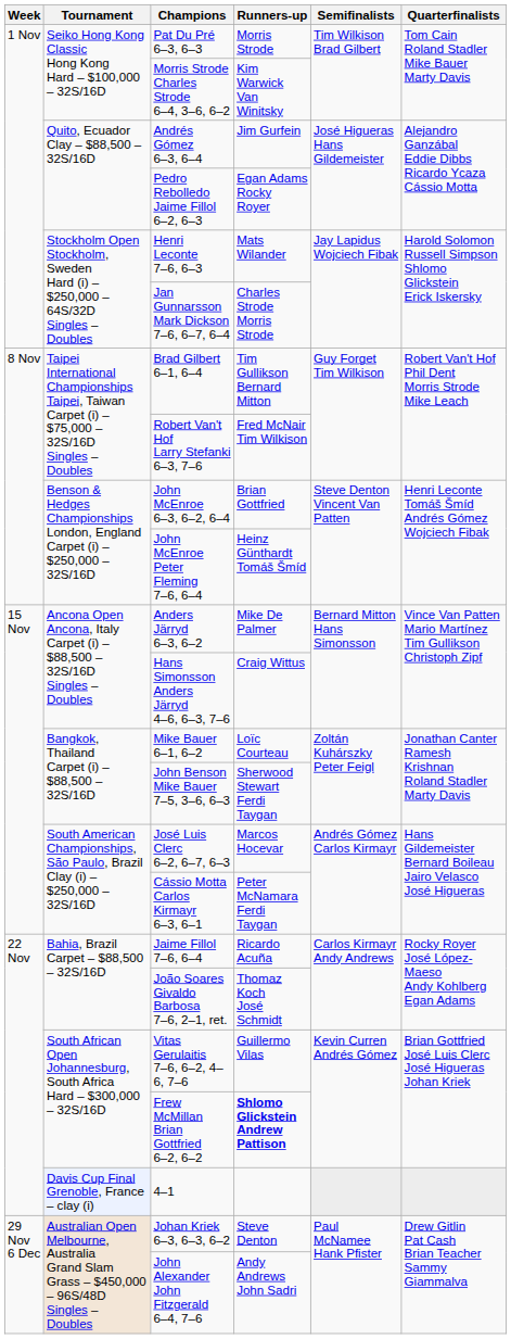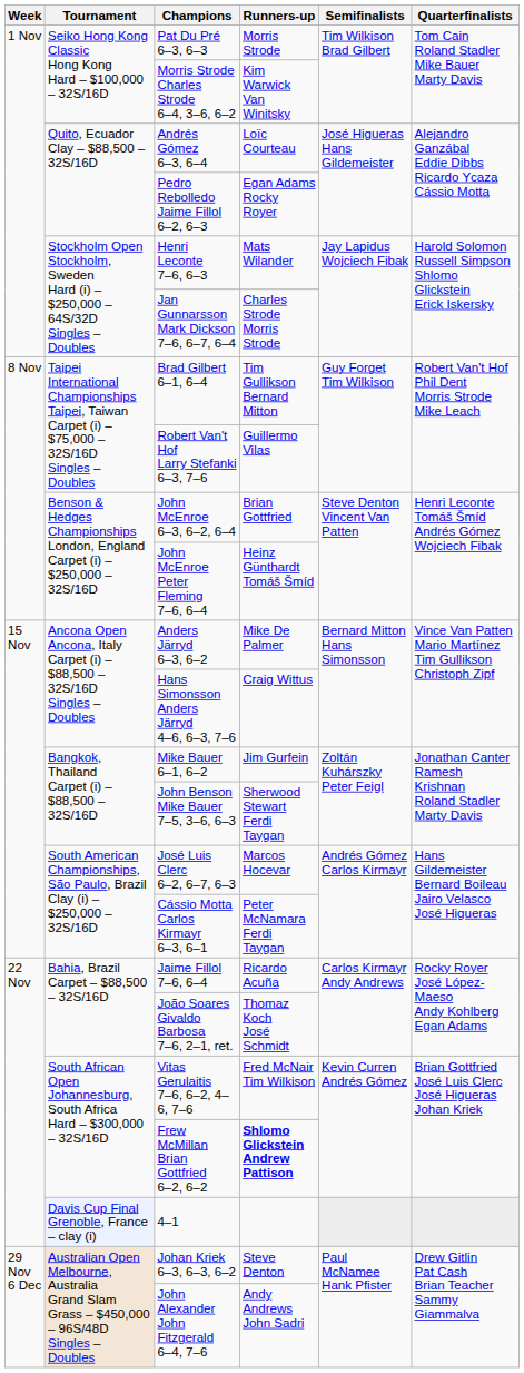 <table class=wikitable style=font-size:95%>
 <tr>
 <th style="width:48px;">Week</th>
 <th style="width:250px;">Tournament</th>
 <th style="width:200px;">Champions</th>
 <th style="width:200px;">Runners-up</th>
 <th style="width:190px;">Semifinalists</th>
 <th style="width:190px;">Quarterfinalists</th>
 </tr>
 <tr valign=top>
 <td rowspan=6>1 Nov</td>
 <td rowspan=2><a href='#'>Seiko Hong Kong Classic</a> <br> Hong Kong <br> Hard – $100,000 – 32S/16D</td>
 <td> <a href='#'>Pat Du Pré</a> <br> 6–3, 6–3</td>
 <td> <a href='#'>Morris Strode</a></td>
 <td rowspan=2> <a href='#'>Tim Wilkison</a> <br>  <a href='#'>Brad Gilbert</a></td>
 <td rowspan=2> <a href='#'>Tom Cain</a> <br>  <a href='#'>Roland Stadler</a> <br>  <a href='#'>Mike Bauer</a> <br>  <a href='#'>Marty Davis</a></td>
 </tr>
 <tr valign=top>
 <td> <a href='#'>Morris Strode</a> <br>  <a href='#'>Charles Strode</a> <br> 6–4, 3–6, 6–2</td>
 <td> <a href='#'>Kim Warwick</a> <br>  <a href='#'>Van Winitsky</a></td>
 </tr>
 <tr valign=top>
 <td rowspan=2><a href='#'>Quito</a>, Ecuador <br> Clay – $88,500 – 32S/16D</td>
 <td> <a href='#'>Andrés Gómez</a> <br> 6–3, 6–4</td>
-<td> <a href='#'>Jim Gurfein</a></td>
+<td> <a href='#'>Loïc Courteau</a></td>
 <td rowspan=2> <a href='#'>José Higueras</a> <br>  <a href='#'>Hans Gildemeister</a></td>
 <td rowspan=2> <a href='#'>Alejandro Ganzábal</a> <br>  <a href='#'>Eddie Dibbs</a> <br>  <a href='#'>Ricardo Ycaza</a> <br>  <a href='#'>Cássio Motta</a></td>
 </tr>
 <tr valign=top>
 <td> <a href='#'>Pedro Rebolledo</a> <br>  <a href='#'>Jaime Fillol</a> <br> 6–2, 6–3</td>
 <td> <a href='#'>Egan Adams</a> <br>  <a href='#'>Rocky Royer</a></td>
 </tr>
 <tr valign=top>
 <td rowspan="2"><a href='#'>Stockholm Open</a> <br> <a href='#'>Stockholm</a>, Sweden <br> Hard (i) – $250,000 – 64S/32D <br> <a href='#'>Singles</a> – <a href='#'>Doubles</a></td>
 <td> <a href='#'>Henri Leconte</a> <br> 7–6, 6–3</td>
 <td> <a href='#'>Mats Wilander</a></td>
 <td rowspan=2> <a href='#'>Jay Lapidus</a> <br>  <a href='#'>Wojciech Fibak</a></td>
 <td rowspan=2> <a href='#'>Harold Solomon</a> <br>  <a href='#'>Russell Simpson</a> <br>  <a href='#'>Shlomo Glickstein</a> <br>  <a href='#'>Erick Iskersky</a></td>
 </tr>
 <tr valign=top>
 <td> <a href='#'>Jan Gunnarsson</a> <br>  <a href='#'>Mark Dickson</a> <br> 7–6, 6–7, 6–4</td>
 <td> <a href='#'>Charles Strode</a> <br>  <a href='#'>Morris Strode</a></td>
 </tr>
 <tr valign=top>
 <td rowspan=4>8 Nov</td>
 <td rowspan=2><a href='#'>Taipei International Championships</a> <br> <a href='#'>Taipei</a>, Taiwan <br> Carpet (i) – $75,000 – 32S/16D <br> <a href='#'>Singles</a> – <a href='#'>Doubles</a></td>
 <td> <a href='#'>Brad Gilbert</a> <br> 6–1, 6–4</td>
 <td> <a href='#'>Tim Gullikson</a> <br>  <a href='#'>Bernard Mitton</a></td>
 <td rowspan=2> <a href='#'>Guy Forget</a> <br>  <a href='#'>Tim Wilkison</a></td>
 <td rowspan=2> <a href='#'>Robert Van't Hof</a> <br>  <a href='#'>Phil Dent</a> <br>  <a href='#'>Morris Strode</a> <br>  <a href='#'>Mike Leach</a></td>
 </tr>
 <tr valign=top>
 <td> <a href='#'>Robert Van't Hof</a> <br>  <a href='#'>Larry Stefanki</a> <br> 6–3, 7–6</td>
-<td> <a href='#'>Fred McNair</a> <br>  <a href='#'>Tim Wilkison</a></td>
+<td> <a href='#'>Guillermo Vilas</a></td>
 </tr>
 <tr valign=top>
 <td rowspan="2"><a href='#'>Benson & Hedges Championships</a> <br> London, England <br> Carpet (i) – $250,000 – 32S/16D</td>
 <td> <a href='#'>John McEnroe</a> <br> 6–3, 6–2, 6–4</td>
 <td> <a href='#'>Brian Gottfried</a></td>
 <td rowspan=2> <a href='#'>Steve Denton</a> <br>  <a href='#'>Vincent Van Patten</a></td>
 <td rowspan=2> <a href='#'>Henri Leconte</a> <br>  <a href='#'>Tomáš Šmíd</a> <br>  <a href='#'>Andrés Gómez</a> <br>  <a href='#'>Wojciech Fibak</a> <br></td>
 </tr>
 <tr valign=top>
 <td> <a href='#'>John McEnroe</a> <br>  <a href='#'>Peter Fleming</a> <br> 7–6, 6–4</td>
 <td> <a href='#'>Heinz Günthardt</a> <br>  <a href='#'>Tomáš Šmíd</a></td>
 </tr>
 <tr valign=top>
 <td rowspan=6>15 Nov</td>
 <td rowspan=2><a href='#'>Ancona Open</a> <br><a href='#'>Ancona</a>, Italy <br> Carpet (i) – $88,500 – 32S/16D <br> <a href='#'>Singles</a> – <a href='#'>Doubles</a></td>
 <td> <a href='#'>Anders Järryd</a> <br> 6–3, 6–2</td>
 <td> <a href='#'>Mike De Palmer</a></td>
 <td rowspan=2> <a href='#'>Bernard Mitton</a> <br>  <a href='#'>Hans Simonsson</a></td>
 <td rowspan=2> <a href='#'>Vince Van Patten</a> <br>  <a href='#'>Mario Martínez</a> <br>  <a href='#'>Tim Gullikson</a> <br>  <a href='#'>Christoph Zipf</a></td>
 </tr>
 <tr valign=top>
 <td> <a href='#'>Hans Simonsson</a> <br>  <a href='#'>Anders Järryd</a> <br> 4–6, 6–3, 7–6</td>
 <td> <a href='#'>Craig Wittus</a></td>
 </tr>
 <tr valign=top>
 <td rowspan=2><a href='#'>Bangkok</a>, Thailand <br> Carpet (i) – $88,500 – 32S/16D</td>
 <td> <a href='#'>Mike Bauer</a> <br> 6–1, 6–2</td>
-<td> <a href='#'>Loïc Courteau</a></td>
+<td> <a href='#'>Jim Gurfein</a></td>
 <td rowspan=2> <a href='#'>Zoltán Kuhárszky</a> <br>  <a href='#'>Peter Feigl</a></td>
 <td rowspan=2> <a href='#'>Jonathan Canter</a> <br>  <a href='#'>Ramesh Krishnan</a> <br>  <a href='#'>Roland Stadler</a> <br>  <a href='#'>Marty Davis</a></td>
 </tr>
 <tr valign=top>
 <td> <a href='#'>John Benson</a> <br>  <a href='#'>Mike Bauer</a> <br> 7–5, 3–6, 6–3</td>
 <td> <a href='#'>Sherwood Stewart</a> <br>  <a href='#'>Ferdi Taygan</a></td>
 </tr>
 <tr valign=top>
 <td rowspan="2"><a href='#'>South American Championships</a>, <a href='#'>São Paulo</a>, Brazil <br> Clay (i) – $250,000 – 32S/16D</td>
 <td> <a href='#'>José Luis Clerc</a> <br> 6–2, 6–7, 6–3</td>
 <td> <a href='#'>Marcos Hocevar</a></td>
 <td rowspan=2> <a href='#'>Andrés Gómez</a> <br>  <a href='#'>Carlos Kirmayr</a></td>
 <td rowspan=2> <a href='#'>Hans Gildemeister</a> <br>  <a href='#'>Bernard Boileau</a> <br>  <a href='#'>Jairo Velasco</a> <br>  <a href='#'>José Higueras</a></td>
 </tr>
 <tr valign=top>
 <td> <a href='#'>Cássio Motta</a> <br>  <a href='#'>Carlos Kirmayr</a> <br> 6–3, 6–1</td>
 <td> <a href='#'>Peter McNamara</a> <br>  <a href='#'>Ferdi Taygan</a></td>
 </tr>
 <tr valign=top>
 <td rowspan=5>22 Nov</td>
 <td rowspan=2><a href='#'>Bahia</a>, Brazil <br> Carpet – $88,500 – 32S/16D</td>
 <td> <a href='#'>Jaime Fillol</a> <br> 7–6, 6–4</td>
 <td> <a href='#'>Ricardo Acuña</a></td>
 <td rowspan=2> <a href='#'>Carlos Kirmayr</a> <br>  <a href='#'>Andy Andrews</a></td>
 <td rowspan=2> <a href='#'>Rocky Royer</a> <br>  <a href='#'>José López-Maeso</a> <br>  <a href='#'>Andy Kohlberg</a> <br>  <a href='#'>Egan Adams</a></td>
 </tr>
 <tr valign=top>
 <td> <a href='#'>João Soares</a> <br>  <a href='#'>Givaldo Barbosa</a> <br> 7–6, 2–1, ret.</td>
 <td> <a href='#'>Thomaz Koch</a> <br>  <a href='#'>José Schmidt</a></td>
 </tr>
 <tr valign=top>
 <td rowspan="2"><a href='#'>South African Open</a> <br> <a href='#'>Johannesburg</a>, South Africa <br> Hard – $300,000 – 32S/16D</td>
 <td> <a href='#'>Vitas Gerulaitis</a> <br> 7–6, 6–2, 4–6, 7–6</td>
-<td> <a href='#'>Guillermo Vilas</a></td>
+<td> <a href='#'>Fred McNair</a> <br>  <a href='#'>Tim Wilkison</a></td>
 <td rowspan=2> <a href='#'>Kevin Curren</a> <br>  <a href='#'>Andrés Gómez</a></td>
 <td rowspan=2> <a href='#'>Brian Gottfried</a> <br>  <a href='#'>José Luis Clerc</a> <br>  <a href='#'>José Higueras</a> <br>  <a href='#'>Johan Kriek</a></td>
 </tr>
 <tr valign=top>
 <td> <a href='#'>Frew McMillan</a> <br>  <a href='#'>Brian Gottfried</a> <br> 6–2, 6–2</td>
 <td><strong> <a href='#'>Shlomo Glickstein</a> <br>  <a href='#'>Andrew Pattison</a></strong></td>
 </tr>
 <tr valign=top>
 <td style="background:#ECF2FF;"><a href='#'>Davis Cup Final</a><br> <a href='#'>Grenoble</a>, France – clay (i)</td>
 <td> <br>4–1</td>
 <td></td>
 <td style="background:#ededed;"></td>
 <td style="background:#ededed;"></td>
 </tr>
 <tr valign=top>
 <td rowspan=2>29 Nov <br> 6 Dec</td>
 <td style="background:#f3e6d7;" rowspan=2><a href='#'>Australian Open</a> <br> <a href='#'>Melbourne</a>, Australia <br> Grand Slam <br> Grass – $450,000 – 96S/48D <br> <a href='#'>Singles</a> – <a href='#'>Doubles</a></td>
 <td> <a href='#'>Johan Kriek</a> <br> 6–3, 6–3, 6–2</td>
 <td> <a href='#'>Steve Denton</a></td>
 <td rowspan=2> <a href='#'>Paul McNamee</a> <br>  <a href='#'>Hank Pfister</a></td>
 <td rowspan=2> <a href='#'>Drew Gitlin</a> <br>  <a href='#'>Pat Cash</a> <br>  <a href='#'>Brian Teacher</a> <br>  <a href='#'>Sammy Giammalva</a></td>
 </tr>
 <tr valign=top>
 <td> <a href='#'>John Alexander</a> <br>  <a href='#'>John Fitzgerald</a> <br> 6–4, 7–6</td>
 <td> <a href='#'>Andy Andrews</a> <br>  <a href='#'>John Sadri</a></td>
 </tr>
 </table>
